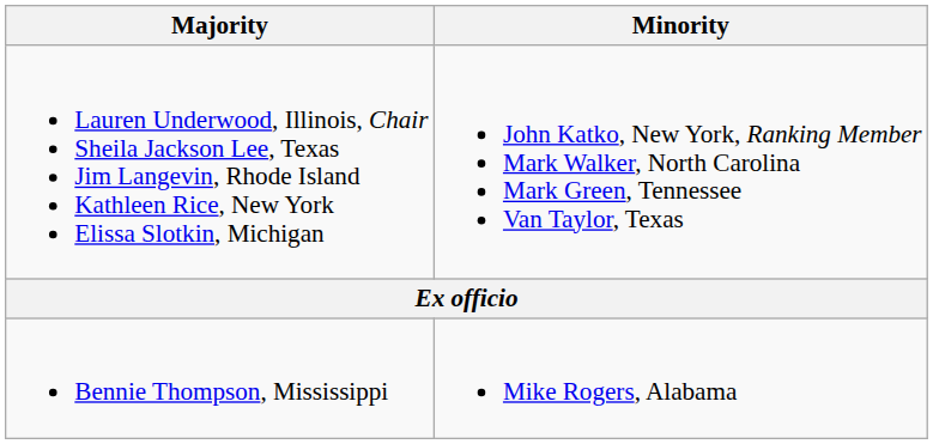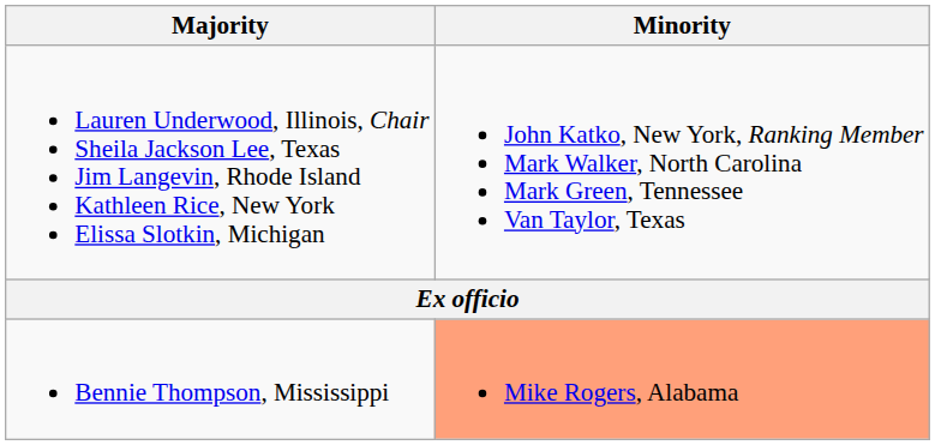 <table class=wikitable>
 <tr>
 <th>Majority</th>
 <th>Minority</th>
 </tr>
 <tr>
 <td><br><ul><li><a href='#'>Lauren Underwood</a>, Illinois, <em>Chair</em></li><li><a href='#'>Sheila Jackson Lee</a>, Texas</li><li><a href='#'>Jim Langevin</a>, Rhode Island</li><li><a href='#'>Kathleen Rice</a>, New York</li><li><a href='#'>Elissa Slotkin</a>, Michigan</li></ul></td>
 <td><br><ul><li><a href='#'>John Katko</a>, New York, <em>Ranking Member</em></li><li><a href='#'>Mark Walker</a>, North Carolina</li><li><a href='#'>Mark Green</a>, Tennessee</li><li><a href='#'>Van Taylor</a>, Texas</li></ul></td>
 </tr>
 <tr>
 <th colspan=2><em>Ex officio</em></th>
 </tr>
 <tr>
 <td><br><ul><li><a href='#'>Bennie Thompson</a>, Mississippi</li></ul></td>
-<td><br><ul><li><a href='#'>Mike Rogers</a>, Alabama</li></ul></td>
+<td style="background: lightsalmon;"><br><ul><li><a href='#'>Mike Rogers</a>, Alabama</li></ul></td>
 </tr>
 </table>
